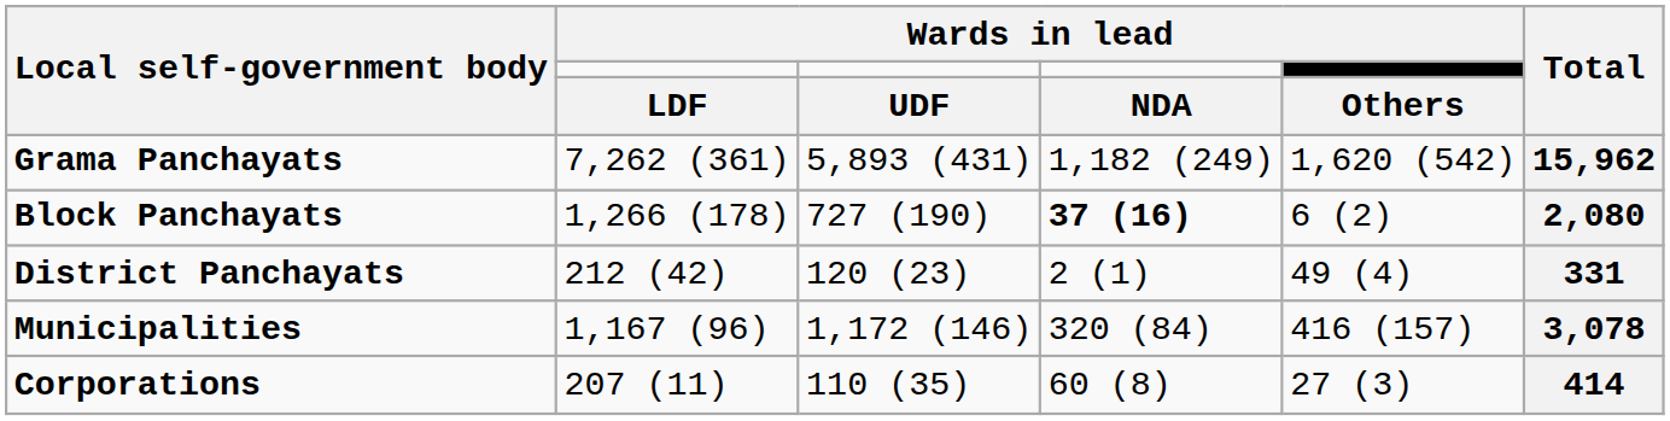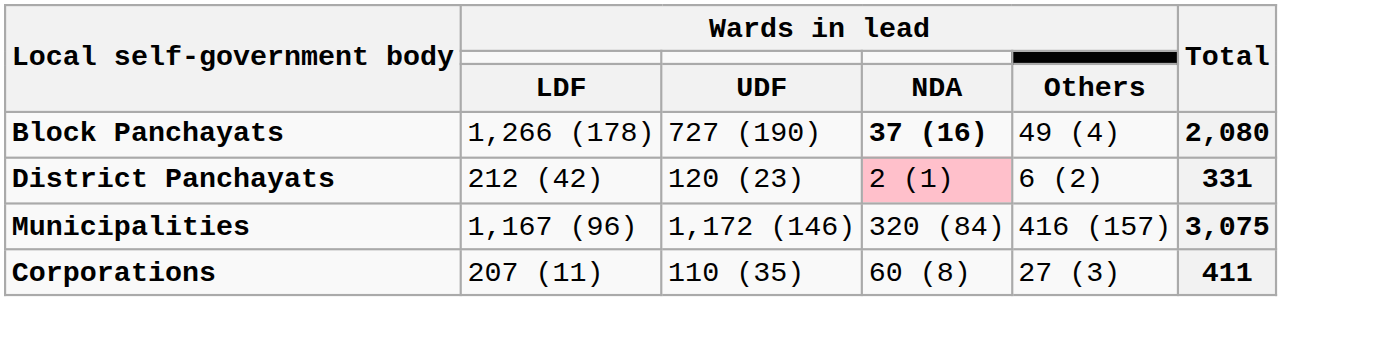 <table class="wikitable">
 <tr>
 <th rowspan="3">Local self-government body</th>
 <th colspan="4">Wards in lead</th>
 <th rowspan="3">Total</th>
 </tr>
 <tr>
 <td style="background:"></td>
 <td style="background:"></td>
 <td style="background:"></td>
 <td style="background:black"></td>
 </tr>
 <tr>
 <th>LDF</th>
 <th>UDF</th>
 <th>NDA</th>
 <th>Others</th>
 </tr>
 <tr>
-<td><strong>Grama Panchayats</strong></td>
-<td>7,262 (361)</td>
-<td>5,893 (431)</td>
-<td>1,182 (249)</td>
-<td>1,620 (542)</td>
-<th>15,962</th>
-</tr>
-<tr>
 <td><strong>Block Panchayats</strong></td>
 <td>1,266 (178)</td>
 <td>727 (190)</td>
 <td><strong>37 (16)</strong></td>
-<td>6 (2)</td>
+<td>49 (4)</td>
 <th>2,080</th>
 </tr>
 <tr>
 <td><strong>District Panchayats</strong></td>
 <td>212 (42)</td>
 <td>120 (23)</td>
-<td>2 (1)</td>
-<td>49 (4)</td>
+<td style="background: pink;">2 (1)</td>
+<td>6 (2)</td>
 <th>331</th>
 </tr>
 <tr>
 <td><strong>Municipalities</strong></td>
 <td>1,167 (96)</td>
 <td>1,172 (146)</td>
 <td>320 (84)</td>
 <td>416 (157)</td>
-<th>3,078</th>
+<th>3,075</th>
 </tr>
 <tr>
 <td><strong>Corporations</strong></td>
 <td>207 (11)</td>
 <td>110 (35)</td>
 <td>60 (8)</td>
 <td>27 (3)</td>
-<th>414</th>
+<th>411</th>
 </tr>
 </table>
